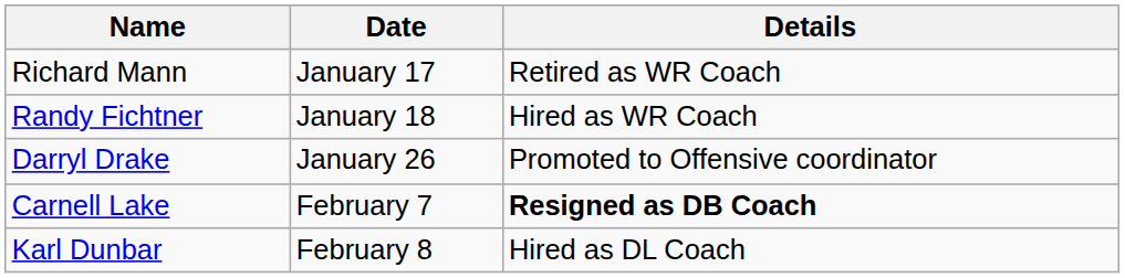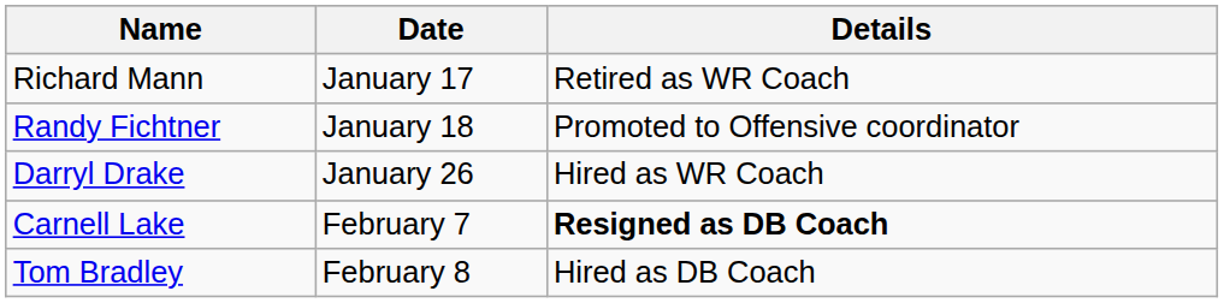 <table class="wikitable" style="width:40%">
 <tr style="text-align:center; background:#ddd">
 <th>Name</th>
 <th>Date</th>
 <th>Details</th>
 </tr>
 <tr>
 <td><div>Richard Mann</div></td>
 <td><div>January 17</div></td>
 <td><div>Retired as WR Coach</div></td>
 </tr>
 <tr>
 <td><div><a href='#'>Randy Fichtner</a></div></td>
 <td><div>January 18</div></td>
-<td><div>Hired as WR Coach</div></td>
+<td><div>Promoted to Offensive coordinator</div></td>
 </tr>
 <tr>
 <td><div><a href='#'>Darryl Drake</a></div></td>
 <td><div>January 26</div></td>
-<td><div>Promoted to Offensive coordinator</div></td>
+<td><div>Hired as WR Coach</div></td>
 </tr>
 <tr>
 <td><div><a href='#'>Carnell Lake</a></div></td>
 <td><div>February 7</div></td>
 <td><strong><div>Resigned as DB Coach</div></strong></td>
 </tr>
 <tr>
-<td><div><a href='#'>Karl Dunbar</a></div></td>
+<td><div><a href='#'>Tom Bradley</a></div></td>
 <td><div>February 8</div></td>
-<td><div>Hired as DL Coach</div></td>
+<td><div>Hired as DB Coach</div></td>
 </tr>
 </table>
